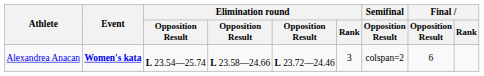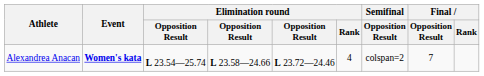 <table class=wikitable style=font-size:90%;text-align:center>
 <tr>
 <th rowspan=2>Athlete</th>
 <th rowspan=2>Event</th>
 <th colspan=4>Elimination round</th>
 <th>Semifinal</th>
 <th colspan=2>Final / </th>
 </tr>
 <tr style=font-size:95%>
 <th>Opposition<br>Result</th>
 <th>Opposition<br>Result</th>
 <th>Opposition<br>Result</th>
 <th>Rank</th>
 <th>Opposition<br>Result</th>
 <th>Opposition<br>Result</th>
 <th>Rank</th>
 </tr>
 <tr>
 <td align=left><a href='#'>Alexandrea Anacan</a></td>
 <td align=left><strong><a href='#'>Women's kata</a></strong></td>
 <td><br><strong>L</strong> 23.54—25.74</td>
 <td><br><strong>L</strong> 23.58—24.66</td>
 <td><br><strong>L</strong> 23.72—24.46</td>
-<td>3</td>
+<td>4</td>
 <td>colspan=2 </td>
-<td>6</td>
+<td>7</td>
 </tr>
 </table>
